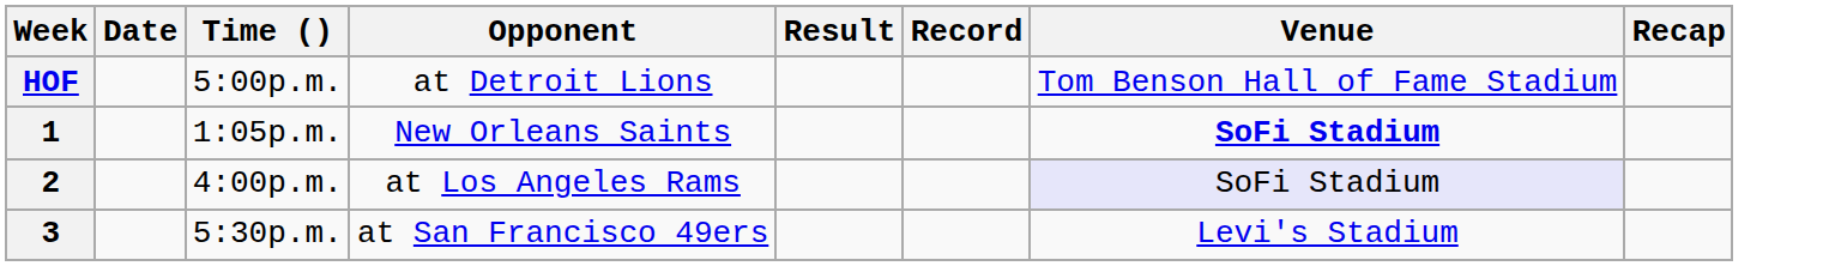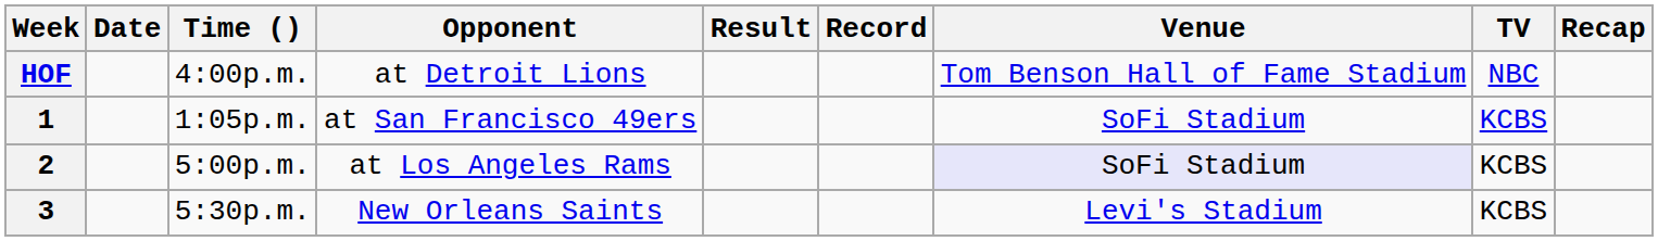 <table class="wikitable" style="text-align:center">
 <tr>
 <th>Week</th>
 <th>Date</th>
 <th>Time (<a href='#'></a>)</th>
 <th>Opponent</th>
 <th>Result</th>
 <th>Record</th>
 <th>Venue</th>
+<th>TV</th>
 <th>Recap</th>
 </tr>
 <tr>
 <th><a href='#'>HOF</a></th>
 <td></td>
-<td>5:00p.m.</td>
+<td>4:00p.m.</td>
 <td>at <a href='#'>Detroit Lions</a></td>
 <td></td>
 <td></td>
 <td><a href='#'>Tom Benson Hall of Fame Stadium</a></td>
+<td><a href='#'>NBC</a></td>
 <td></td>
 </tr>
 <tr>
 <th>1</th>
 <td></td>
 <td>1:05p.m.</td>
-<td><a href='#'>New Orleans Saints</a></td>
+<td>at <a href='#'>San Francisco 49ers</a></td>
 <td></td>
 <td></td>
-<td><strong><a href='#'>SoFi Stadium</a></strong></td>
+<td><a href='#'>SoFi Stadium</a></td>
+<td><a href='#'>KCBS</a></td>
 <td></td>
 </tr>
 <tr>
 <th>2</th>
 <td></td>
-<td>4:00p.m.</td>
+<td>5:00p.m.</td>
 <td>at <a href='#'>Los Angeles Rams</a></td>
 <td></td>
 <td></td>
 <td style="background: lavender;">SoFi Stadium</td>
+<td>KCBS</td>
 <td></td>
 </tr>
 <tr>
 <th>3</th>
 <td></td>
 <td>5:30p.m.</td>
-<td>at <a href='#'>San Francisco 49ers</a></td>
+<td><a href='#'>New Orleans Saints</a></td>
 <td></td>
 <td></td>
 <td><a href='#'>Levi's Stadium</a></td>
+<td>KCBS</td>
 <td></td>
 </tr>
 </table>
